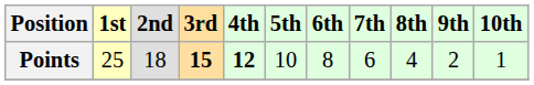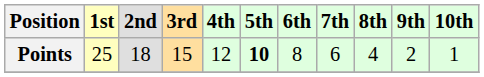 <table class="wikitable" style="font-size:85%; text-align:center;">
 <tr>
 <th scope="row">Position</th>
 <td style="background-color:#ffffbf"><strong>1st</strong></td>
 <td style="background-color:#dfdfdf"><strong>2nd</strong></td>
 <td style="background-color:#ffdf9f"><strong>3rd</strong></td>
 <td style="background-color:#dfffdf"><strong>4th</strong></td>
 <td style="background-color:#dfffdf"><strong>5th</strong></td>
 <td style="background-color:#dfffdf"><strong>6th</strong></td>
 <td style="background-color:#dfffdf"><strong>7th</strong></td>
 <td style="background-color:#dfffdf"><strong>8th</strong></td>
 <td style="background-color:#dfffdf"><strong>9th</strong></td>
 <td style="background-color:#dfffdf"><strong>10th</strong></td>
 </tr>
 <tr>
 <th scope="row">Points</th>
 <td style="background-color:#ffffbf" align="center">25</td>
 <td style="background-color:#dfdfdf" align="center">18</td>
-<td style="background-color:#ffdf9f" align="center"><strong>15</strong></td>
-<td style="background-color:#dfffdf" align="center"><strong>12</strong></td>
-<td style="background-color:#dfffdf" align="center">10</td>
+<td style="background-color:#ffdf9f" align="center">15</td>
+<td style="background-color:#dfffdf" align="center">12</td>
+<td style="background-color:#dfffdf" align="center"><strong>10</strong></td>
 <td style="background-color:#dfffdf" align="center">8</td>
 <td style="background-color:#dfffdf" align="center">6</td>
 <td style="background-color:#dfffdf" align="center">4</td>
 <td style="background-color:#dfffdf" align="center">2</td>
 <td style="background-color:#dfffdf" align="center">1</td>
 </tr>
 <tr>
 </tr>
 </table>
